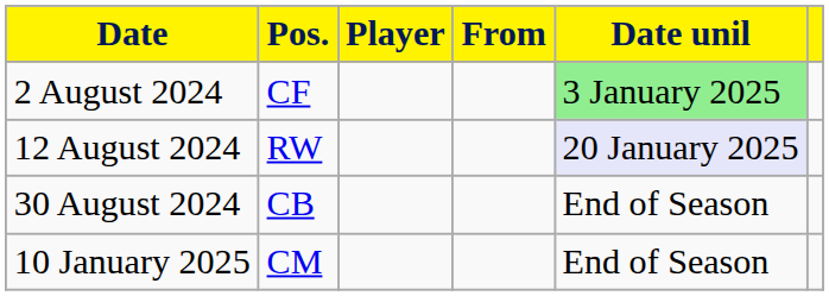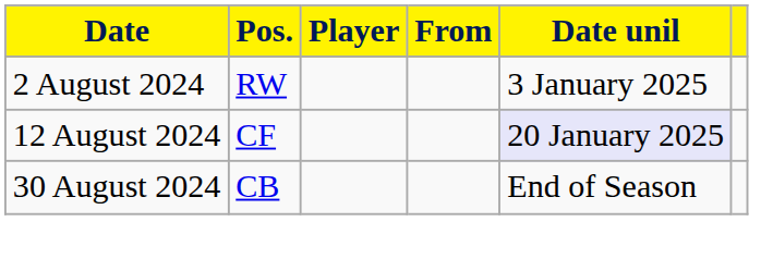 <table class="wikitable plainrowheaders sortable">
 <tr>
 <th style="background-color:#FFF300; color:#001958; ">Date</th>
 <th style="background-color:#FFF300; color:#001958; ">Pos.</th>
 <th style="background-color:#FFF300; color:#001958; ">Player</th>
 <th style="background-color:#FFF300; color:#001958; ">From</th>
 <th style="background-color:#FFF300; color:#001958; ">Date unil</th>
 <th style="background-color:#FFF300; color:#001958; "></th>
 </tr>
 <tr>
 <td>2 August 2024</td>
-<td><a href='#'>CF</a></td>
+<td><a href='#'>RW</a></td>
 <td></td>
 <td></td>
-<td style="background: lightgreen;">3 January 2025</td>
+<td>3 January 2025</td>
 <td></td>
 </tr>
 <tr>
 <td>12 August 2024</td>
-<td><a href='#'>RW</a></td>
+<td><a href='#'>CF</a></td>
 <td></td>
 <td></td>
 <td style="background: lavender;">20 January 2025</td>
 <td></td>
 </tr>
 <tr>
 <td>30 August 2024</td>
 <td><a href='#'>CB</a></td>
 <td></td>
 <td></td>
 <td>End of Season</td>
 <td></td>
 </tr>
-<tr>
-<td>10 January 2025</td>
-<td><a href='#'>CM</a></td>
-<td></td>
-<td></td>
-<td>End of Season</td>
-<td></td>
-</tr>
 </table>
